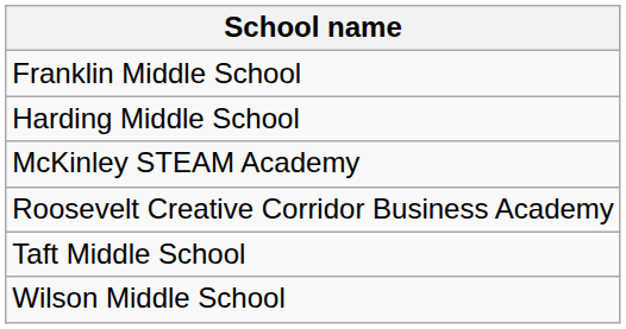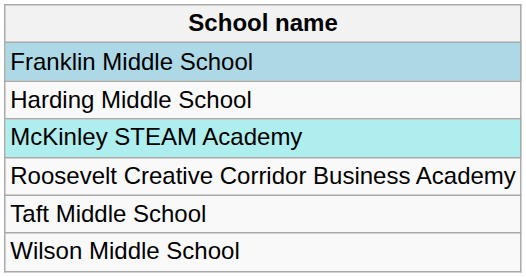 <table class="wikitable">
 <tr>
 <th>School name</th>
 </tr>
 <tr>
-<td>Franklin Middle School</td>
+<td style="background: lightblue;">Franklin Middle School</td>
 </tr>
 <tr>
 <td>Harding Middle School</td>
 </tr>
 <tr>
-<td>McKinley STEAM Academy</td>
+<td style="background: paleturquoise;">McKinley STEAM Academy</td>
 </tr>
 <tr>
 <td>Roosevelt Creative Corridor Business Academy</td>
 </tr>
 <tr>
 <td>Taft Middle School</td>
 </tr>
 <tr>
 <td>Wilson Middle School</td>
 </tr>
 </table>
